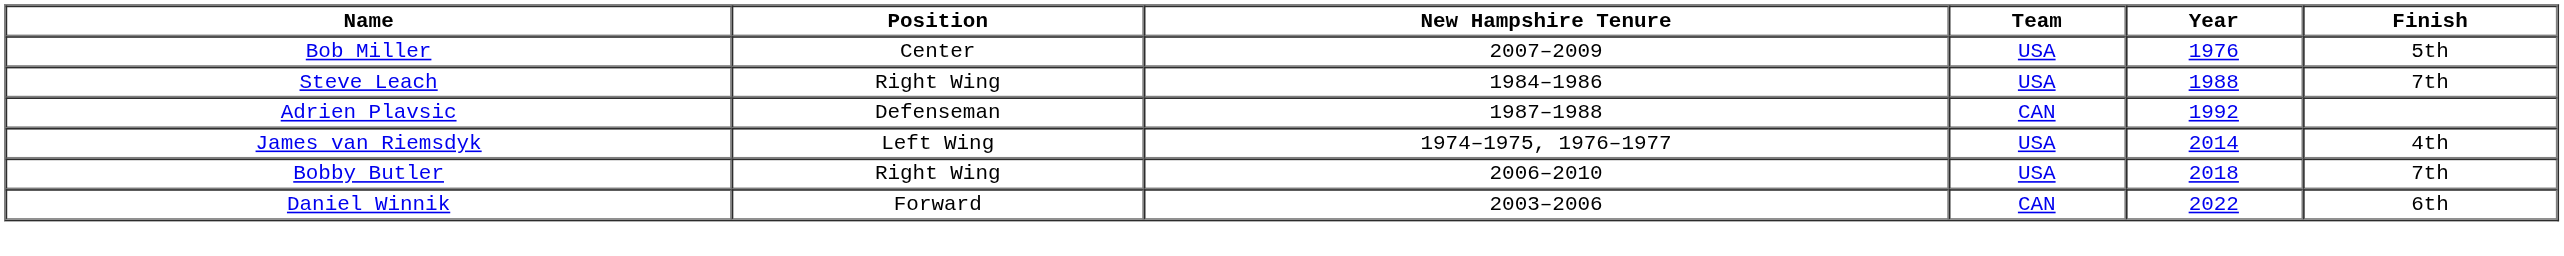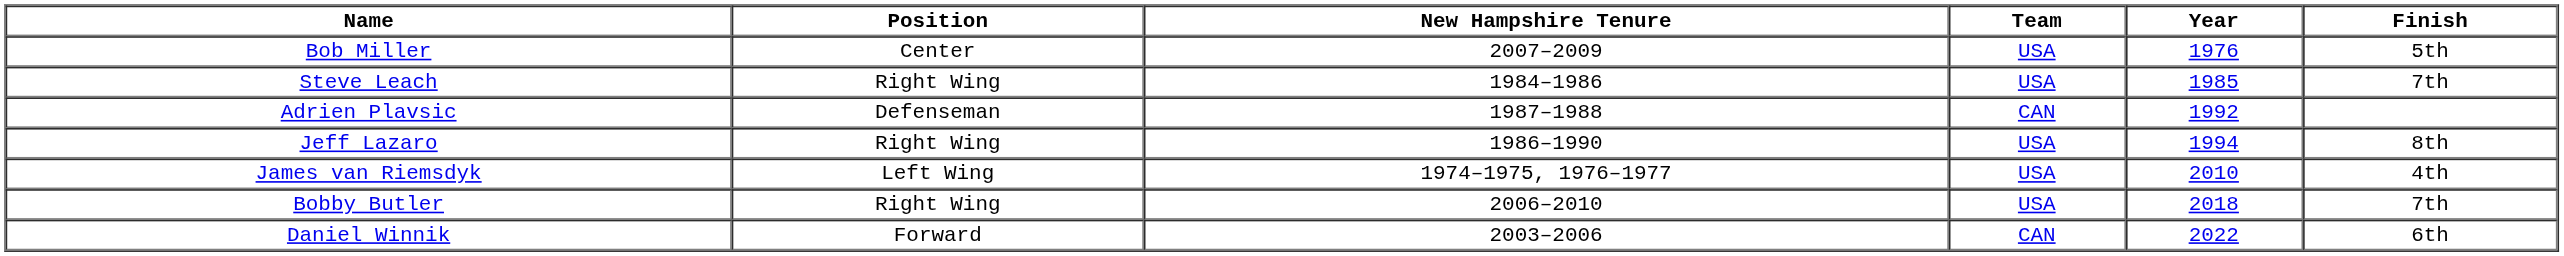 <table cellpadding="1" border="1" cellspacing="0" width="80%">
 <tr>
 <th>Name</th>
 <th>Position</th>
 <th>New Hampshire Tenure</th>
 <th>Team</th>
 <th>Year</th>
 <th>Finish</th>
 </tr>
 <tr align="center">
 <td><a href='#'>Bob Miller</a></td>
 <td>Center</td>
 <td>2007–2009</td>
 <td> <a href='#'>USA</a></td>
 <td><a href='#'>1976</a></td>
 <td>5th</td>
 </tr>
 <tr align="center">
 <td><a href='#'>Steve Leach</a></td>
 <td>Right Wing</td>
 <td>1984–1986</td>
 <td> <a href='#'>USA</a></td>
-<td><a href='#'>1988</a></td>
+<td><a href='#'>1985</a></td>
 <td>7th</td>
 </tr>
 <tr align="center">
 <td><a href='#'>Adrien Plavsic</a></td>
 <td>Defenseman</td>
 <td>1987–1988</td>
 <td> <a href='#'>CAN</a></td>
 <td><a href='#'>1992</a></td>
 <td></td>
 </tr>
 <tr align="center">
+<td><a href='#'>Jeff Lazaro</a></td>
+<td>Right Wing</td>
+<td>1986–1990</td>
+<td> <a href='#'>USA</a></td>
+<td><a href='#'>1994</a></td>
+<td>8th</td>
+</tr>
+<tr align="center">
 <td><a href='#'>James van Riemsdyk</a></td>
 <td>Left Wing</td>
 <td>1974–1975, 1976–1977</td>
 <td> <a href='#'>USA</a></td>
-<td><a href='#'>2014</a></td>
+<td><a href='#'>2010</a></td>
 <td>4th</td>
 </tr>
 <tr align="center">
 <td><a href='#'>Bobby Butler</a></td>
 <td>Right Wing</td>
 <td>2006–2010</td>
 <td> <a href='#'>USA</a></td>
 <td><a href='#'>2018</a></td>
 <td>7th</td>
 </tr>
 <tr align="center">
 <td><a href='#'>Daniel Winnik</a></td>
 <td>Forward</td>
 <td>2003–2006</td>
 <td> <a href='#'>CAN</a></td>
 <td><a href='#'>2022</a></td>
 <td>6th</td>
 </tr>
 <tr align="center">
 </tr>
 </table>
